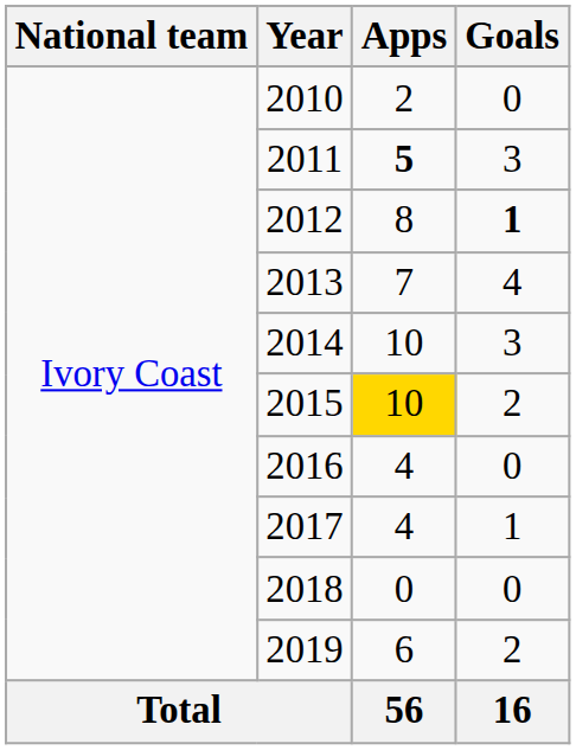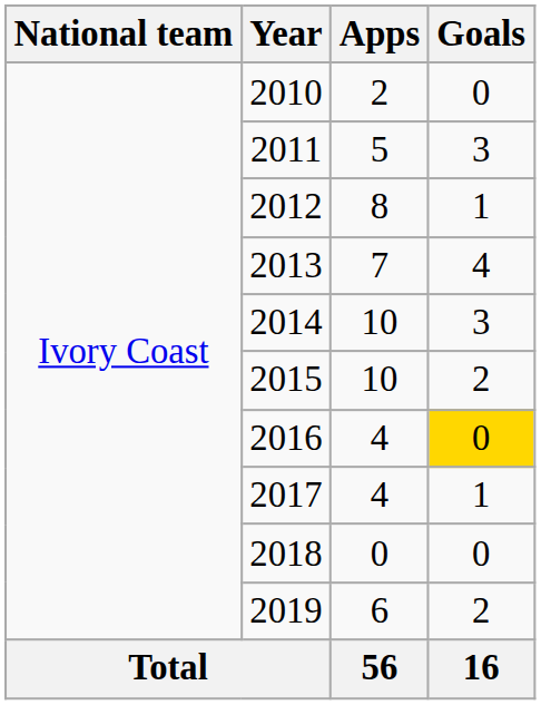 <table class="wikitable" style="text-align:center">
 <tr>
 <th>National team</th>
 <th>Year</th>
 <th>Apps</th>
 <th>Goals</th>
 </tr>
 <tr>
 <td rowspan="10"><a href='#'>Ivory Coast</a></td>
 <td>2010</td>
 <td>2</td>
 <td>0</td>
 </tr>
 <tr>
 <td>2011</td>
-<td><strong>5</strong></td>
+<td>5</td>
 <td>3</td>
 </tr>
 <tr>
 <td>2012</td>
 <td>8</td>
-<td><strong>1</strong></td>
+<td>1</td>
 </tr>
 <tr>
 <td>2013</td>
 <td>7</td>
 <td>4</td>
 </tr>
 <tr>
 <td>2014</td>
 <td>10</td>
 <td>3</td>
 </tr>
 <tr>
 <td>2015</td>
-<td style="background: gold;">10</td>
+<td>10</td>
 <td>2</td>
 </tr>
 <tr>
 <td>2016</td>
 <td>4</td>
-<td>0</td>
+<td style="background: gold;">0</td>
 </tr>
 <tr>
 <td>2017</td>
 <td>4</td>
 <td>1</td>
 </tr>
 <tr>
 <td>2018</td>
 <td>0</td>
 <td>0</td>
 </tr>
 <tr>
 <td>2019</td>
 <td>6</td>
 <td>2</td>
 </tr>
 <tr>
 <th colspan="2">Total</th>
 <th>56</th>
 <th>16</th>
 </tr>
 </table>
